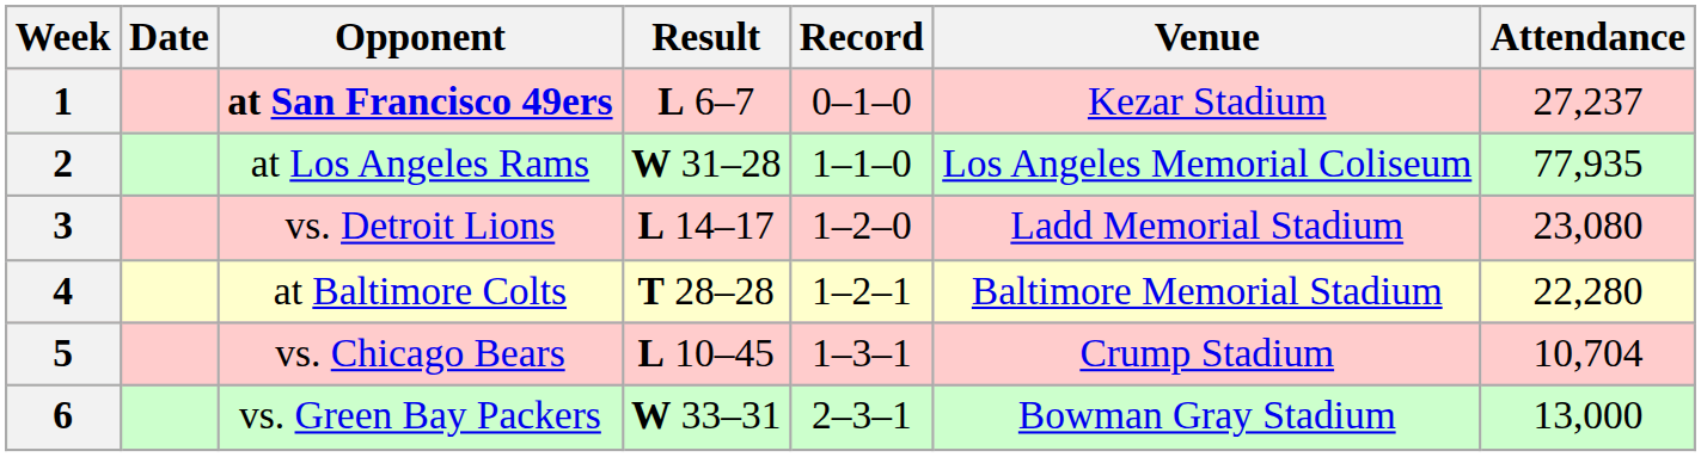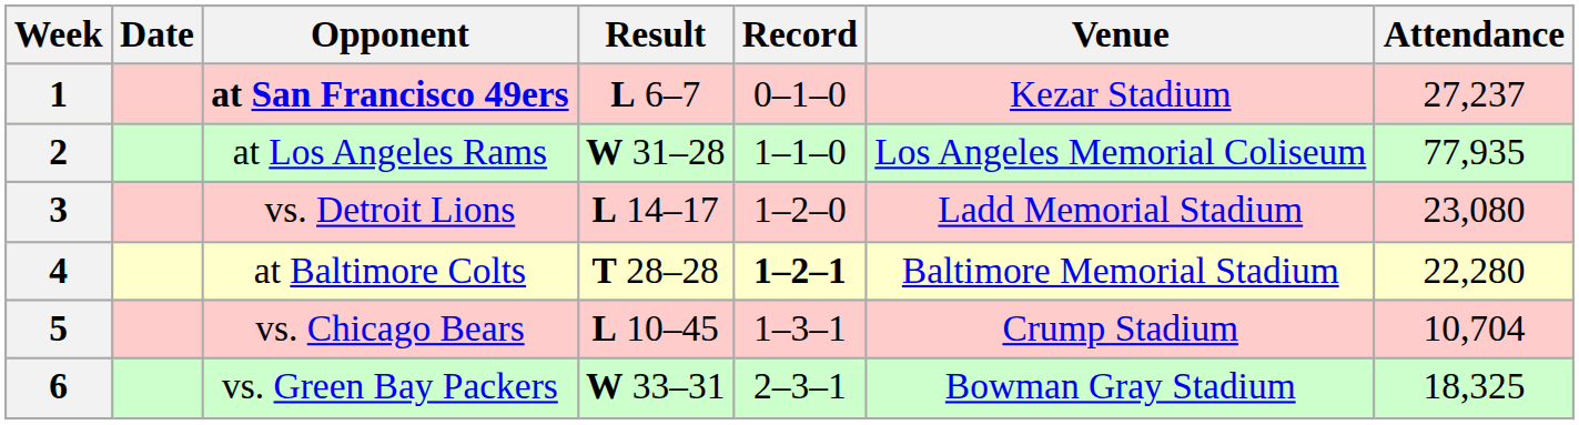 <table class="wikitable" style="text-align:center">
 <tr>
 <th>Week</th>
 <th>Date</th>
 <th>Opponent</th>
 <th>Result</th>
 <th>Record</th>
 <th>Venue</th>
 <th>Attendance</th>
 </tr>
 <tr style="background:#fcc;">
 <th>1</th>
 <td></td>
 <td><strong>at <a href='#'>San Francisco 49ers</a></strong></td>
 <td><strong>L</strong> 6–7</td>
 <td>0–1–0</td>
 <td><a href='#'>Kezar Stadium</a></td>
 <td>27,237</td>
 </tr>
 <tr style="background:#cfc;">
 <th>2</th>
 <td></td>
 <td>at <a href='#'>Los Angeles Rams</a></td>
 <td><strong>W</strong> 31–28</td>
 <td>1–1–0</td>
 <td><a href='#'>Los Angeles Memorial Coliseum</a></td>
 <td>77,935</td>
 </tr>
 <tr style="background:#fcc;">
 <th>3</th>
 <td></td>
 <td>vs. <a href='#'>Detroit Lions</a></td>
 <td><strong>L</strong> 14–17</td>
 <td>1–2–0</td>
 <td><a href='#'>Ladd Memorial Stadium</a> </td>
 <td>23,080</td>
 </tr>
 <tr style="background:#ffc;">
 <th>4</th>
 <td></td>
 <td>at <a href='#'>Baltimore Colts</a></td>
 <td><strong>T</strong> 28–28</td>
-<td>1–2–1</td>
+<td><strong>1–2–1</strong></td>
 <td><a href='#'>Baltimore Memorial Stadium</a></td>
 <td>22,280</td>
 </tr>
 <tr style="background:#fcc;">
 <th>5</th>
 <td></td>
 <td>vs. <a href='#'>Chicago Bears</a></td>
 <td><strong>L</strong> 10–45</td>
 <td>1–3–1</td>
 <td><a href='#'>Crump Stadium</a> </td>
 <td>10,704</td>
 </tr>
 <tr style="background:#cfc;">
 <th>6</th>
 <td></td>
 <td>vs. <a href='#'>Green Bay Packers</a></td>
 <td><strong>W</strong> 33–31</td>
 <td>2–3–1</td>
 <td><a href='#'>Bowman Gray Stadium</a> </td>
-<td>13,000</td>
+<td>18,325</td>
 </tr>
 </table>
